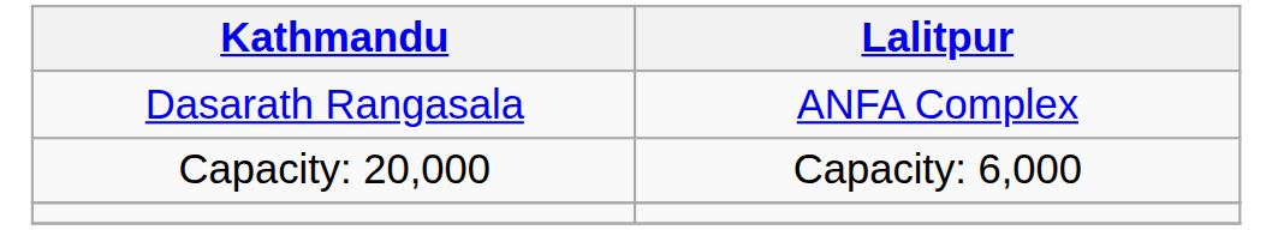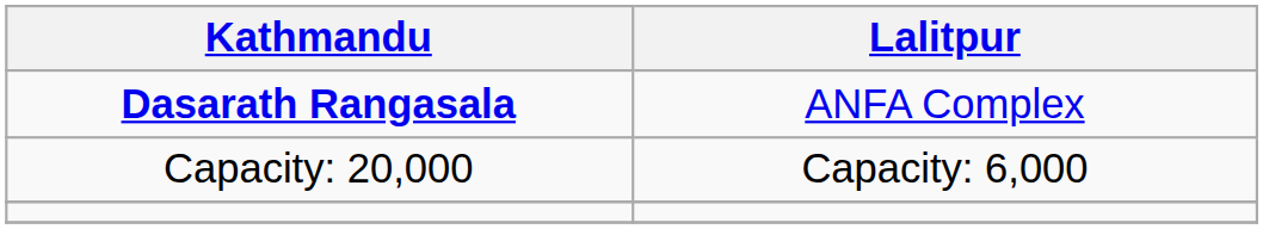 <table class="wikitable" style="text-align:center;margin:1em auto;">
 <tr>
 <th style="width:33%;"><a href='#'>Kathmandu</a></th>
 <th style="width:33%;"><a href='#'>Lalitpur</a></th>
 </tr>
 <tr>
-<td><a href='#'>Dasarath Rangasala</a></td>
+<td><strong><a href='#'>Dasarath Rangasala</a></strong></td>
 <td><a href='#'>ANFA Complex</a></td>
 </tr>
 <tr>
 <td>Capacity: 20,000</td>
 <td>Capacity: 6,000</td>
 </tr>
 <tr>
 </tr>
 <tr>
 <td></td>
 <td></td>
 </tr>
 <tr>
 </tr>
 </table>
